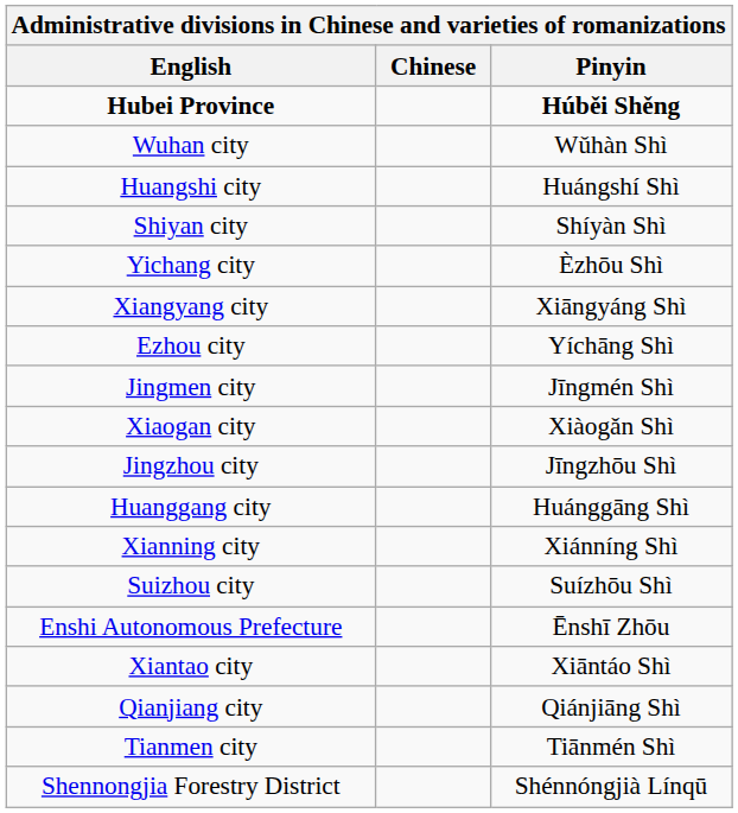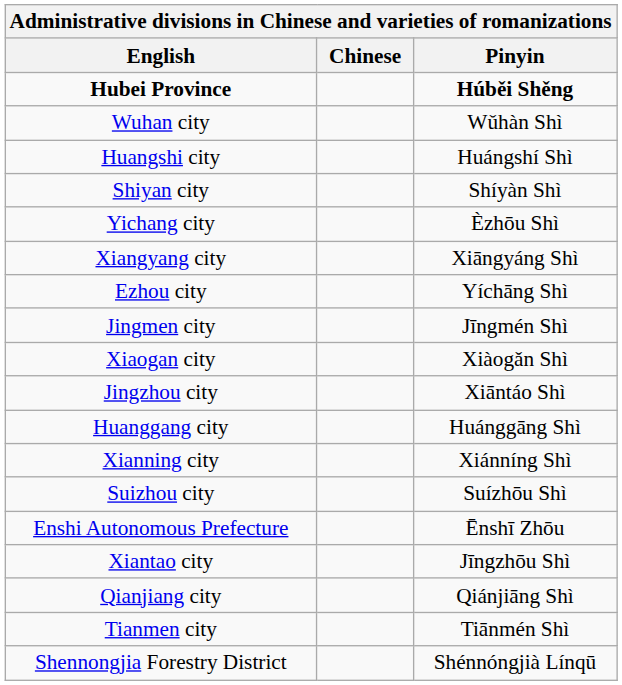 <table class="wikitable sortable collapsible collapsed" style="text-font:90%; width:auto; text-align:center; margin-left: auto; margin-right: auto;">
 <tr>
 <th colspan="5">Administrative divisions in Chinese and varieties of romanizations</th>
 </tr>
 <tr>
 <th>English</th>
 <th>Chinese</th>
 <th>Pinyin</th>
 </tr>
 <tr>
 <td><strong>Hubei Province</strong></td>
 <td></td>
 <td><strong>Húběi Shěng</strong></td>
 </tr>
 <tr>
 <td><a href='#'>Wuhan</a> city</td>
 <td></td>
 <td>Wǔhàn Shì</td>
 </tr>
 <tr>
 <td><a href='#'>Huangshi</a> city</td>
 <td></td>
 <td>Huángshí Shì</td>
 </tr>
 <tr>
 <td><a href='#'>Shiyan</a> city</td>
 <td></td>
 <td>Shíyàn Shì</td>
 </tr>
 <tr>
 <td><a href='#'>Yichang</a> city</td>
 <td></td>
 <td>Èzhōu Shì</td>
 </tr>
 <tr>
 <td><a href='#'>Xiangyang</a> city</td>
 <td></td>
 <td>Xiāngyáng Shì</td>
 </tr>
 <tr>
 <td><a href='#'>Ezhou</a> city</td>
 <td></td>
 <td>Yíchāng Shì</td>
 </tr>
 <tr>
 <td><a href='#'>Jingmen</a> city</td>
 <td></td>
 <td>Jīngmén Shì</td>
 </tr>
 <tr>
 <td><a href='#'>Xiaogan</a> city</td>
 <td></td>
 <td>Xiàogǎn Shì</td>
 </tr>
 <tr>
 <td><a href='#'>Jingzhou</a> city</td>
 <td></td>
-<td>Jīngzhōu Shì</td>
+<td>Xiāntáo Shì</td>
 </tr>
 <tr>
 <td><a href='#'>Huanggang</a> city</td>
 <td></td>
 <td>Huánggāng Shì</td>
 </tr>
 <tr>
 <td><a href='#'>Xianning</a> city</td>
 <td></td>
 <td>Xiánníng Shì</td>
 </tr>
 <tr>
 <td><a href='#'>Suizhou</a> city</td>
 <td></td>
 <td>Suízhōu Shì</td>
 </tr>
 <tr>
 <td><a href='#'>Enshi Autonomous Prefecture</a></td>
 <td></td>
 <td>Ēnshī Zhōu</td>
 </tr>
 <tr>
 <td><a href='#'>Xiantao</a> city</td>
 <td></td>
-<td>Xiāntáo Shì</td>
+<td>Jīngzhōu Shì</td>
 </tr>
 <tr>
 <td><a href='#'>Qianjiang</a> city</td>
 <td></td>
 <td>Qiánjiāng Shì</td>
 </tr>
 <tr>
 <td><a href='#'>Tianmen</a> city</td>
 <td></td>
 <td>Tiānmén Shì</td>
 </tr>
 <tr>
 <td><a href='#'>Shennongjia</a> Forestry District</td>
 <td></td>
 <td>Shénnóngjià Línqū</td>
 </tr>
 </table>
